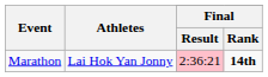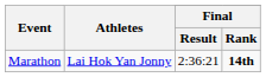 <table class=wikitable style="font-size:90%">
 <tr>
 <th rowspan=3>Event</th>
 <th rowspan=3>Athletes</th>
 </tr>
 <tr>
 <th colspan=2>Final</th>
 </tr>
 <tr>
 <th>Result</th>
 <th>Rank</th>
 </tr>
 <tr>
 <td><a href='#'>Marathon</a></td>
 <td><a href='#'>Lai Hok Yan Jonny</a></td>
-<td align=center style="background: pink;">2:36:21</td>
+<td align=center>2:36:21</td>
 <td align=center><strong>14th</strong></td>
 </tr>
 </table>
